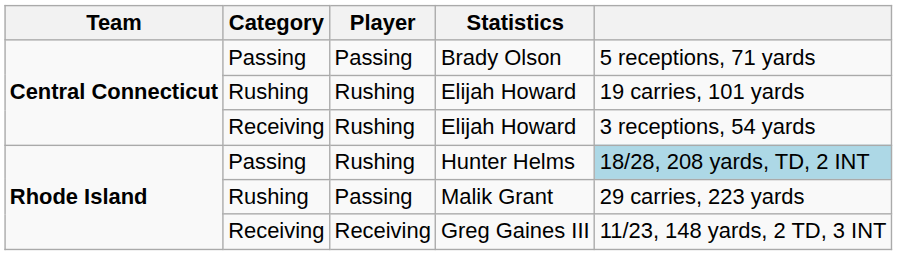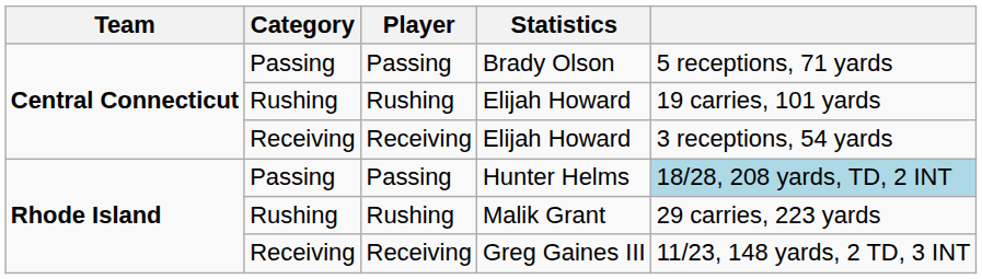 <table class="wikitable" style="float: right;">
 <tr>
 <th>Team</th>
 <th>Category</th>
 <th>Player</th>
 <th>Statistics</th>
 <th></th>
 </tr>
 <tr>
 <td rowspan=3><strong>Central Connecticut</strong></td>
 <td>Passing</td>
 <td>Passing</td>
 <td>Brady Olson</td>
 <td>5 receptions, 71 yards</td>
 </tr>
 <tr>
 <td>Rushing</td>
 <td>Rushing</td>
 <td>Elijah Howard</td>
 <td>19 carries, 101 yards</td>
 </tr>
 <tr>
 <td>Receiving</td>
-<td>Rushing</td>
+<td>Receiving</td>
 <td>Elijah Howard</td>
 <td>3 receptions, 54 yards</td>
 </tr>
 <tr>
 <td rowspan=3><strong>Rhode Island</strong></td>
 <td>Passing</td>
-<td>Rushing</td>
+<td>Passing</td>
 <td>Hunter Helms</td>
 <td style="background: lightblue;">18/28, 208 yards, TD, 2 INT</td>
 </tr>
 <tr>
 <td>Rushing</td>
-<td>Passing</td>
+<td>Rushing</td>
 <td>Malik Grant</td>
 <td>29 carries, 223 yards</td>
 </tr>
 <tr>
 <td>Receiving</td>
 <td>Receiving</td>
 <td>Greg Gaines III</td>
 <td>11/23, 148 yards, 2 TD, 3 INT</td>
 </tr>
 </table>
